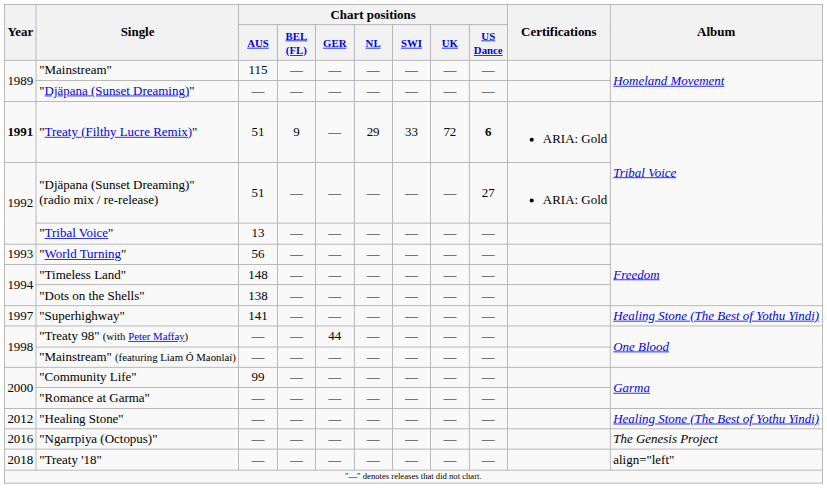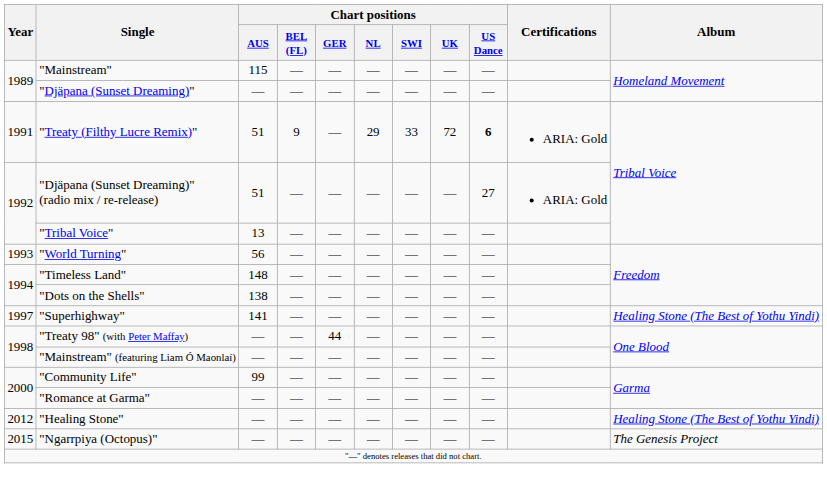 <table class="wikitable">
 <tr>
 <th rowspan="2">Year</th>
 <th rowspan="2">Single</th>
 <th colspan="7">Chart positions</th>
 <th rowspan="2">Certifications</th>
 <th rowspan="2">Album</th>
 </tr>
 <tr>
 <th width="40"><small><a href='#'>AUS</a></small><br></th>
 <th width="40"><small><a href='#'>BEL (FL)</a></small><br></th>
 <th width="40"><small><a href='#'>GER</a></small><br></th>
 <th width="40"><small><a href='#'>NL</a></small><br></th>
 <th width="40"><small><a href='#'>SWI</a></small><br></th>
 <th width="40"><small><a href='#'>UK</a></small><br></th>
 <th width="40"><small><a href='#'>US Dance</a></small><br></th>
 </tr>
 <tr>
 <td align="center" rowspan="2">1989</td>
 <td align="left">"Mainstream"</td>
 <td align="center">115</td>
 <td align="center">—</td>
 <td align="center">—</td>
 <td align="center">—</td>
 <td align="center">—</td>
 <td align="center">—</td>
 <td align="center">—</td>
 <td></td>
 <td align="left" rowspan="2"><em><a href='#'>Homeland Movement</a></em></td>
 </tr>
 <tr>
 <td align="left">"<a href='#'>Djäpana (Sunset Dreaming)</a>"</td>
 <td align="center">—</td>
 <td align="center">—</td>
 <td align="center">—</td>
 <td align="center">—</td>
 <td align="center">—</td>
 <td align="center">—</td>
 <td align="center">—</td>
 <td></td>
 </tr>
 <tr>
-<td align="center"><strong>1991</strong></td>
+<td align="center">1991</td>
 <td align="left">"<a href='#'>Treaty (Filthy Lucre Remix)</a>"</td>
 <td align="center">51</td>
 <td align="center">9</td>
 <td align="center">—</td>
 <td align="center">29</td>
 <td align="center">33</td>
 <td align="center">72</td>
 <td align="center"><strong>6</strong></td>
 <td><br><ul><li>ARIA: Gold</li></ul></td>
 <td align="left" rowspan="3"><em><a href='#'>Tribal Voice</a></em></td>
 </tr>
 <tr>
 <td align="center" rowspan="2">1992</td>
 <td align="left">"Djäpana (Sunset Dreaming)" <br> (radio mix / re-release)</td>
 <td align="center">51</td>
 <td align="center">—</td>
 <td align="center">—</td>
 <td align="center">—</td>
 <td align="center">—</td>
 <td align="center">—</td>
 <td align="center">27</td>
 <td><br><ul><li>ARIA: Gold</li></ul></td>
 </tr>
 <tr>
 <td align="left">"<a href='#'>Tribal Voice</a>"</td>
 <td align="center">13</td>
 <td align="center">—</td>
 <td align="center">—</td>
 <td align="center">—</td>
 <td align="center">—</td>
 <td align="center">—</td>
 <td align="center">—</td>
 <td></td>
 </tr>
 <tr>
 <td align="center">1993</td>
 <td align="left">"<a href='#'>World Turning</a>"</td>
 <td align="center">56</td>
 <td align="center">—</td>
 <td align="center">—</td>
 <td align="center">—</td>
 <td align="center">—</td>
 <td align="center">—</td>
 <td align="center">—</td>
 <td></td>
 <td align="left" rowspan="3"><em><a href='#'>Freedom</a></em></td>
 </tr>
 <tr>
 <td align="center" rowspan="2">1994</td>
 <td align="left">"Timeless Land"</td>
 <td align="center">148</td>
 <td align="center">—</td>
 <td align="center">—</td>
 <td align="center">—</td>
 <td align="center">—</td>
 <td align="center">—</td>
 <td align="center">—</td>
 <td></td>
 </tr>
 <tr>
 <td align="left">"Dots on the Shells" </td>
 <td align="center">138</td>
 <td align="center">—</td>
 <td align="center">—</td>
 <td align="center">—</td>
 <td align="center">—</td>
 <td align="center">—</td>
 <td align="center">—</td>
 <td></td>
 </tr>
 <tr>
 <td align="center">1997</td>
 <td align="left">"Superhighway"</td>
 <td align="center">141</td>
 <td align="center">—</td>
 <td align="center">—</td>
 <td align="center">—</td>
 <td align="center">—</td>
 <td align="center">—</td>
 <td align="center">—</td>
 <td></td>
 <td align="left"><em><a href='#'>Healing Stone (The Best of Yothu Yindi)</a></em></td>
 </tr>
 <tr>
 <td align="center" rowspan="2">1998</td>
 <td align="left">"Treaty 98" <small>(with <a href='#'>Peter Maffay</a>)</small></td>
 <td align="center">—</td>
 <td align="center">—</td>
 <td align="center">44</td>
 <td align="center">—</td>
 <td align="center">—</td>
 <td align="center">—</td>
 <td align="center">—</td>
 <td></td>
 <td align="left" rowspan="2"><em><a href='#'>One Blood</a></em></td>
 </tr>
 <tr>
 <td align="left">"Mainstream" <small>(featuring Liam Ó Maonlaí)</small></td>
 <td align="center">—</td>
 <td align="center">—</td>
 <td align="center">—</td>
 <td align="center">—</td>
 <td align="center">—</td>
 <td align="center">—</td>
 <td align="center">—</td>
 <td></td>
 </tr>
 <tr>
 <td align="center" rowspan="2">2000</td>
 <td align="left">"Community Life"</td>
 <td align="center">99</td>
 <td align="center">—</td>
 <td align="center">—</td>
 <td align="center">—</td>
 <td align="center">—</td>
 <td align="center">—</td>
 <td align="center">—</td>
 <td></td>
 <td align="left" rowspan="2"><em><a href='#'>Garma</a></em></td>
 </tr>
 <tr>
 <td align="left">"Romance at Garma"</td>
 <td align="center">—</td>
 <td align="center">—</td>
 <td align="center">—</td>
 <td align="center">—</td>
 <td align="center">—</td>
 <td align="center">—</td>
 <td align="center">—</td>
 <td></td>
 </tr>
 <tr>
 <td align="center">2012</td>
 <td align="left">"Healing Stone"</td>
 <td align="center">—</td>
 <td align="center">—</td>
 <td align="center">—</td>
 <td align="center">—</td>
 <td align="center">—</td>
 <td align="center">—</td>
 <td align="center">—</td>
 <td></td>
 <td align="left"><em><a href='#'>Healing Stone (The Best of Yothu Yindi)</a></em></td>
 </tr>
 <tr>
-<td align="center">2016</td>
+<td align="center">2015</td>
 <td align="left">"Ngarrpiya (Octopus)" </td>
 <td align="center">—</td>
 <td align="center">—</td>
 <td align="center">—</td>
 <td align="center">—</td>
 <td align="center">—</td>
 <td align="center">—</td>
 <td align="center">—</td>
 <td></td>
 <td align="left"><em>The Genesis Project</em></td>
 </tr>
 <tr>
-<td align="center">2018</td>
-<td align="left">"Treaty '18" </td>
-<td align="center">—</td>
-<td align="center">—</td>
-<td align="center">—</td>
-<td align="center">—</td>
-<td align="center">—</td>
-<td align="center">—</td>
-<td align="center">—</td>
-<td></td>
-<td>align="left" </td>
-</tr>
-<tr>
 <td align="center" colspan="11" style="font-size: 8pt">"—" denotes releases that did not chart.</td>
 </tr>
 </table>
